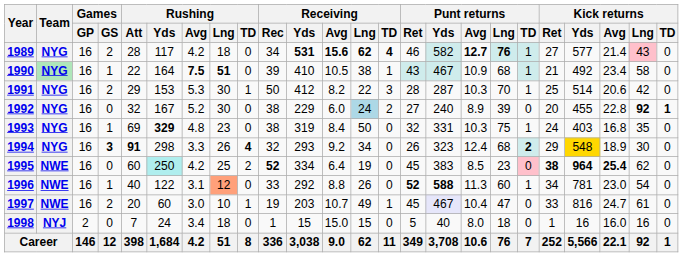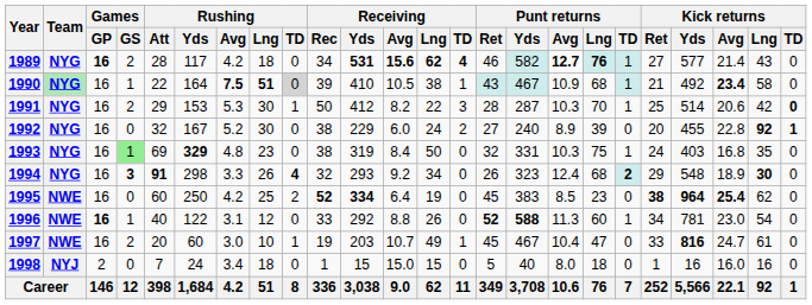 <table class="wikitable" style="text-align:center;">
 <tr>
 <th rowspan="2">Year</th>
 <th rowspan="2">Team</th>
 <th colspan="2">Games</th>
 <th colspan="5">Rushing</th>
 <th colspan="5">Receiving</th>
 <th colspan="5">Punt returns</th>
 <th colspan="5">Kick returns</th>
 </tr>
 <tr>
 <th>GP</th>
 <th>GS</th>
 <th>Att</th>
 <th>Yds</th>
 <th>Avg</th>
 <th>Lng</th>
 <th>TD</th>
 <th>Rec</th>
 <th>Yds</th>
 <th>Avg</th>
 <th>Lng</th>
 <th>TD</th>
 <th>Ret</th>
 <th>Yds</th>
 <th>Avg</th>
 <th>Lng</th>
 <th>TD</th>
 <th>Ret</th>
 <th>Yds</th>
 <th>Avg</th>
 <th>Lng</th>
 <th>TD</th>
 </tr>
 <tr>
 <th><a href='#'>1989</a></th>
 <th><a href='#'>NYG</a></th>
-<td>16</td>
+<td><strong>16</strong></td>
 <td>2</td>
 <td>28</td>
 <td>117</td>
 <td>4.2</td>
 <td>18</td>
 <td>0</td>
 <td>34</td>
 <td><strong>531</strong></td>
 <td><strong>15.6</strong></td>
 <td><strong>62</strong></td>
 <td><strong>4</strong></td>
 <td>46</td>
 <td style="background:#cfecec; width:3em;">582</td>
 <td><strong>12.7</strong></td>
 <td style="background:#cfecec; width:3em;"><strong>76</strong></td>
 <td style="background:#cfecec; width:3em;">1</td>
 <td>27</td>
 <td>577</td>
 <td>21.4</td>
-<td style="background: pink;">43</td>
+<td>43</td>
 <td>0</td>
 </tr>
 <tr>
 <th><a href='#'>1990</a></th>
 <th style="background:#afe6ba; width:3em;"><a href='#'>NYG</a></th>
 <td>16</td>
 <td>1</td>
 <td>22</td>
 <td>164</td>
 <td><strong>7.5</strong></td>
 <td><strong>51</strong></td>
-<td>0</td>
+<td style="background: lightgrey;">0</td>
 <td>39</td>
 <td>410</td>
 <td>10.5</td>
 <td>38</td>
 <td>1</td>
 <td style="background:#cfecec; width:3em;">43</td>
 <td style="background:#cfecec; width:3em;">467</td>
 <td>10.9</td>
 <td>68</td>
 <td style="background:#cfecec; width:3em;">1</td>
 <td>21</td>
 <td>492</td>
-<td>23.4</td>
+<td><strong>23.4</strong></td>
 <td>58</td>
 <td>0</td>
 </tr>
 <tr>
 <th><a href='#'>1991</a></th>
 <th><a href='#'>NYG</a></th>
 <td>16</td>
 <td>2</td>
 <td>29</td>
 <td>153</td>
 <td>5.3</td>
 <td>30</td>
 <td>1</td>
 <td>50</td>
 <td>412</td>
 <td>8.2</td>
 <td>22</td>
 <td>3</td>
 <td>28</td>
 <td>287</td>
 <td>10.3</td>
 <td>70</td>
 <td>1</td>
 <td>25</td>
 <td>514</td>
 <td>20.6</td>
 <td>42</td>
-<td>0</td>
+<td><strong>0</strong></td>
 </tr>
 <tr>
 <th><a href='#'>1992</a></th>
 <th><a href='#'>NYG</a></th>
 <td>16</td>
 <td>0</td>
 <td>32</td>
 <td>167</td>
 <td>5.2</td>
 <td>30</td>
 <td>0</td>
 <td>38</td>
 <td>229</td>
 <td>6.0</td>
-<td style="background: lightblue;">24</td>
+<td>24</td>
 <td>2</td>
 <td>27</td>
 <td>240</td>
 <td>8.9</td>
 <td>39</td>
 <td>0</td>
 <td>20</td>
 <td>455</td>
 <td>22.8</td>
 <td><strong>92</strong></td>
 <td><strong>1</strong></td>
 </tr>
 <tr>
 <th><a href='#'>1993</a></th>
 <th><a href='#'>NYG</a></th>
 <td>16</td>
-<td>1</td>
+<td style="background: lightgreen;">1</td>
 <td>69</td>
 <td><strong>329</strong></td>
 <td>4.8</td>
 <td>23</td>
 <td>0</td>
 <td>38</td>
 <td>319</td>
 <td>8.4</td>
 <td>50</td>
 <td>0</td>
 <td>32</td>
 <td>331</td>
 <td>10.3</td>
 <td>75</td>
 <td>1</td>
 <td>24</td>
 <td>403</td>
 <td>16.8</td>
 <td>35</td>
 <td>0</td>
 </tr>
 <tr>
 <th><a href='#'>1994</a></th>
 <th><a href='#'>NYG</a></th>
 <td>16</td>
 <td><strong>3</strong></td>
 <td><strong>91</strong></td>
 <td>298</td>
 <td>3.3</td>
 <td>26</td>
 <td><strong>4</strong></td>
 <td>32</td>
 <td>293</td>
 <td>9.2</td>
 <td>34</td>
 <td>0</td>
 <td>26</td>
 <td>323</td>
 <td>12.4</td>
 <td>68</td>
 <td style="background:#cfecec; width:3em;"><strong>2</strong></td>
 <td>29</td>
-<td style="background: gold;">548</td>
+<td>548</td>
 <td>18.9</td>
-<td>30</td>
+<td><strong>30</strong></td>
 <td>0</td>
 </tr>
 <tr>
 <th><a href='#'>1995</a></th>
 <th><a href='#'>NWE</a></th>
 <td>16</td>
 <td>0</td>
 <td>60</td>
-<td style="background: paleturquoise;">250</td>
+<td>250</td>
 <td>4.2</td>
 <td>25</td>
 <td>2</td>
 <td><strong>52</strong></td>
-<td>334</td>
+<td><strong>334</strong></td>
 <td>6.4</td>
 <td>19</td>
 <td>0</td>
 <td>45</td>
 <td>383</td>
 <td>8.5</td>
 <td>23</td>
-<td style="background: pink;">0</td>
+<td>0</td>
 <td><strong>38</strong></td>
 <td><strong>964</strong></td>
 <td><strong>25.4</strong></td>
 <td>62</td>
 <td>0</td>
 </tr>
 <tr>
 <th><a href='#'>1996</a></th>
 <th><a href='#'>NWE</a></th>
-<td>16</td>
+<td><strong>16</strong></td>
 <td>1</td>
 <td>40</td>
 <td>122</td>
 <td>3.1</td>
-<td style="background: lightsalmon;">12</td>
+<td>12</td>
 <td>0</td>
 <td>33</td>
 <td>292</td>
 <td>8.8</td>
 <td>26</td>
 <td>0</td>
 <td><strong>52</strong></td>
 <td><strong>588</strong></td>
 <td>11.3</td>
 <td>60</td>
 <td>1</td>
 <td>34</td>
 <td>781</td>
 <td>23.0</td>
 <td>54</td>
 <td>0</td>
 </tr>
 <tr>
 <th><a href='#'>1997</a></th>
 <th><a href='#'>NWE</a></th>
 <td>16</td>
 <td>2</td>
 <td>20</td>
 <td>60</td>
 <td>3.0</td>
 <td>10</td>
 <td>1</td>
 <td>19</td>
 <td>203</td>
 <td>10.7</td>
 <td>49</td>
 <td>1</td>
 <td>45</td>
-<td style="background: lavender;">467</td>
+<td>467</td>
 <td>10.4</td>
 <td>47</td>
 <td>0</td>
 <td>33</td>
-<td>816</td>
+<td><strong>816</strong></td>
 <td>24.7</td>
 <td>61</td>
 <td>0</td>
 </tr>
 <tr>
 <th><a href='#'>1998</a></th>
 <th><a href='#'>NYJ</a></th>
 <td>2</td>
 <td>0</td>
 <td>7</td>
 <td>24</td>
 <td>3.4</td>
 <td>18</td>
 <td>0</td>
 <td>1</td>
 <td>15</td>
 <td>15.0</td>
 <td>15</td>
 <td>0</td>
 <td>5</td>
 <td>40</td>
 <td>8.0</td>
 <td>18</td>
 <td>0</td>
 <td>1</td>
 <td>16</td>
 <td>16.0</td>
 <td>16</td>
 <td>0</td>
 </tr>
 <tr>
 <th colspan="2">Career</th>
 <th>146</th>
 <th>12</th>
 <th>398</th>
 <th>1,684</th>
 <th>4.2</th>
 <th>51</th>
 <th>8</th>
 <th>336</th>
 <th>3,038</th>
 <th>9.0</th>
 <th>62</th>
 <th>11</th>
 <th>349</th>
 <th>3,708</th>
 <th>10.6</th>
 <th>76</th>
 <th>7</th>
 <th>252</th>
 <th>5,566</th>
 <th>22.1</th>
 <th>92</th>
 <th>1</th>
 </tr>
 </table>
